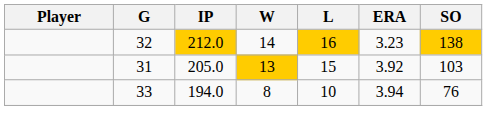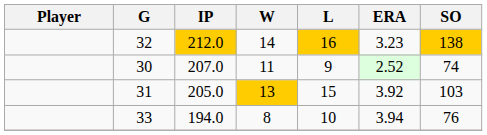 <table class="wikitable sortable">
 <tr>
 <th bgcolor="#DDDDFF" width="16%">Player</th>
 <th bgcolor="#DDDDFF" width="9%">G</th>
 <th bgcolor="#DDDDFF" width="9%">IP</th>
 <th bgcolor="#DDDDFF" width="9%">W</th>
 <th bgcolor="#DDDDFF" width="9%">L</th>
 <th bgcolor="#DDDDFF" width="9%">ERA</th>
 <th bgcolor="#DDDDFF" width="9%">SO</th>
 </tr>
 <tr align="center">
 <td></td>
 <td>32</td>
 <td style="background:#fc0;">212.0</td>
 <td>14</td>
 <td style="background:#fc0;">16</td>
 <td>3.23</td>
 <td style="background:#fc0;">138</td>
+</tr>
+<tr align="center">
+<td></td>
+<td>30</td>
+<td>207.0</td>
+<td>11</td>
+<td>9</td>
+<td style="background:#DDFFDD;">2.52</td>
+<td>74</td>
 </tr>
 <tr align="center">
 <td></td>
 <td>31</td>
 <td>205.0</td>
 <td style="background:#fc0;">13</td>
 <td>15</td>
 <td>3.92</td>
 <td>103</td>
 </tr>
 <tr align="center">
 <td></td>
 <td>33</td>
 <td>194.0</td>
 <td>8</td>
 <td>10</td>
 <td>3.94</td>
 <td>76</td>
 </tr>
 <tr align="center">
 </tr>
 </table>
